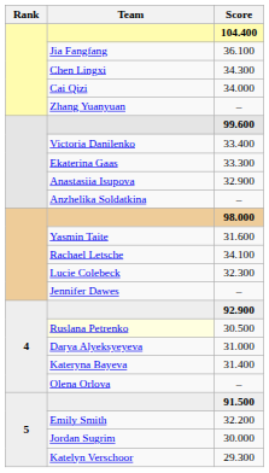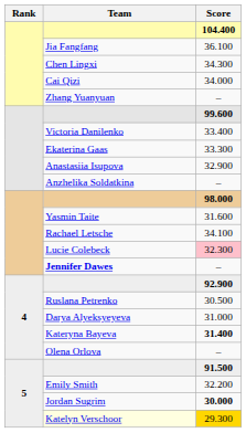 <table class="wikitable" style="text-align:center; font-size:95%">
 <tr>
 <th style="width:50px;">Rank</th>
 <th style="width:220px;">Team</th>
 <th style="width:60px;">Score</th>
 </tr>
 <tr style="background:#fffcaf;">
 <td rowspan=5></td>
 <td style="text-align:left;"><strong></strong></td>
 <td><strong>104.400</strong></td>
 </tr>
 <tr>
 <td style="text-align:left;"><a href='#'>Jia Fangfang</a></td>
 <td>36.100</td>
 </tr>
 <tr>
 <td style="text-align:left;"><a href='#'>Chen Lingxi</a></td>
 <td>34.300</td>
 </tr>
 <tr>
 <td style="text-align:left;"><a href='#'>Cai Qizi</a></td>
 <td>34.000</td>
 </tr>
 <tr>
 <td style="text-align:left;"><a href='#'>Zhang Yuanyuan</a></td>
 <td>–</td>
 </tr>
 <tr style="background:#e5e5e5;">
 <td rowspan=5></td>
 <td style="text-align:left;"><strong></strong></td>
 <td><strong>99.600</strong></td>
 </tr>
 <tr>
 <td style="text-align:left;"><a href='#'>Victoria Danilenko</a></td>
 <td>33.400</td>
 </tr>
 <tr>
 <td style="text-align:left;"><a href='#'>Ekaterina Gaas</a></td>
 <td>33.300</td>
 </tr>
 <tr>
 <td style="text-align:left;"><a href='#'>Anastasiia Isupova</a></td>
 <td>32.900</td>
 </tr>
 <tr>
 <td style="text-align:left;"><a href='#'>Anzhelika Soldatkina</a></td>
 <td>–</td>
 </tr>
 <tr style="background:#ec9;">
 <td rowspan=5></td>
 <td style="text-align:left;"><strong></strong></td>
 <td><strong>98.000</strong></td>
 </tr>
 <tr>
 <td style="text-align:left;"><a href='#'>Yasmin Taite</a></td>
 <td>31.600</td>
 </tr>
 <tr>
 <td style="text-align:left;"><a href='#'>Rachael Letsche</a></td>
 <td>34.100</td>
 </tr>
 <tr>
 <td style="text-align:left;"><a href='#'>Lucie Colebeck</a></td>
-<td>32.300</td>
+<td style="background: pink;">32.300</td>
 </tr>
 <tr>
-<td style="text-align:left;"><a href='#'>Jennifer Dawes</a></td>
+<td style="text-align:left;"><strong><a href='#'>Jennifer Dawes</a></strong></td>
 <td>–</td>
 </tr>
 <tr style="background:#eee;">
 <td rowspan=5><strong>4</strong></td>
 <td style="text-align:left;"><strong></strong></td>
 <td><strong>92.900</strong></td>
 </tr>
 <tr>
-<td style="background: lightyellow; text-align:left;"><a href='#'>Ruslana Petrenko</a></td>
+<td style="text-align:left;"><a href='#'>Ruslana Petrenko</a></td>
 <td>30.500</td>
 </tr>
 <tr>
 <td style="text-align:left;"><a href='#'>Darya Alyeksyeyeva</a></td>
 <td>31.000</td>
 </tr>
 <tr>
 <td style="text-align:left;"><a href='#'>Kateryna Bayeva</a></td>
-<td>31.400</td>
+<td><strong>31.400</strong></td>
 </tr>
 <tr>
 <td style="text-align:left;"><a href='#'>Olena Orlova</a></td>
 <td>–</td>
 </tr>
 <tr style="background:#eee;">
 <td rowspan=4><strong>5</strong></td>
 <td style="text-align:left;"><strong></strong></td>
 <td><strong>91.500</strong></td>
 </tr>
 <tr>
 <td style="text-align:left;"><a href='#'>Emily Smith</a></td>
 <td>32.200</td>
 </tr>
 <tr>
 <td style="text-align:left;"><a href='#'>Jordan Sugrim</a></td>
-<td>30.000</td>
+<td><strong>30.000</strong></td>
 </tr>
 <tr>
-<td style="text-align:left;"><a href='#'>Katelyn Verschoor</a></td>
-<td>29.300</td>
+<td style="background: lightyellow; text-align:left;"><a href='#'>Katelyn Verschoor</a></td>
+<td style="background: gold;">29.300</td>
 </tr>
 </table>
